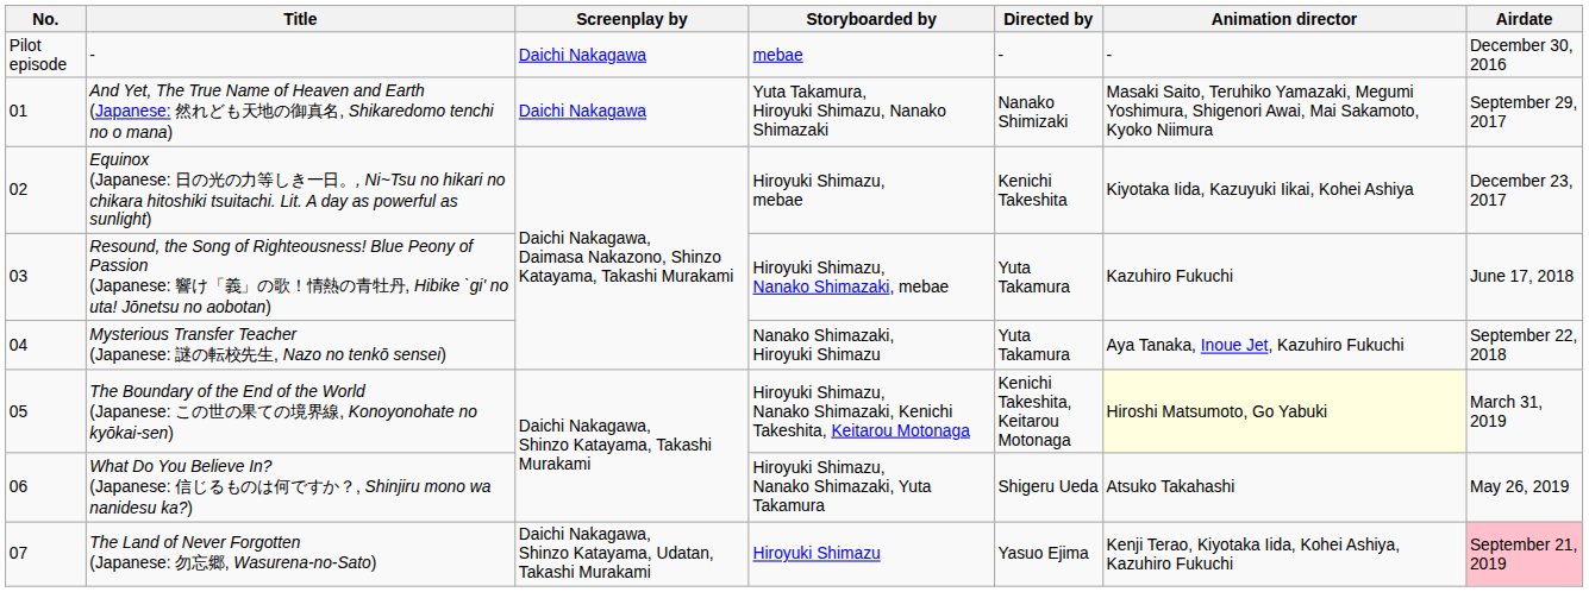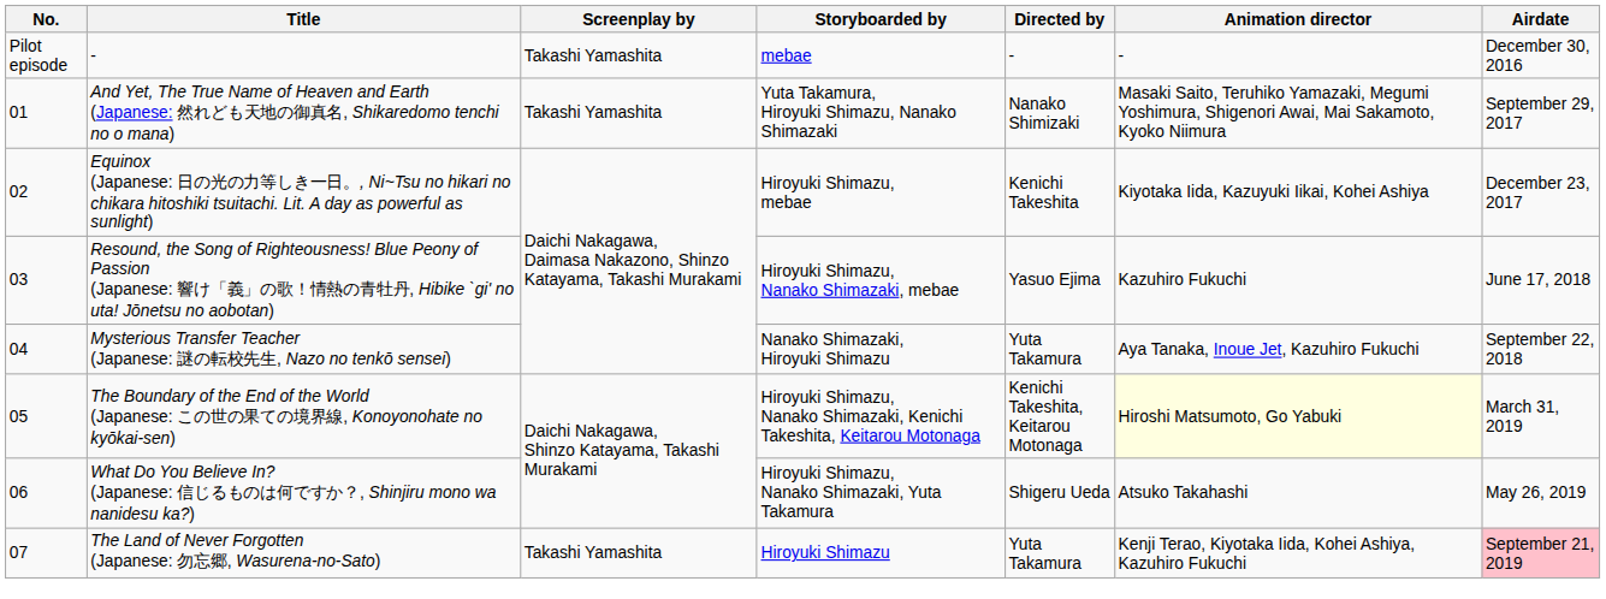 <table class="wikitable" style="font-size:small">
 <tr>
 <th>No.</th>
 <th>Title</th>
 <th>Screenplay by</th>
 <th>Storyboarded by</th>
 <th>Directed by</th>
 <th>Animation director</th>
 <th>Airdate</th>
 </tr>
 <tr>
 <td>Pilot episode</td>
 <td>-</td>
-<td><a href='#'>Daichi Nakagawa</a></td>
+<td>Takashi Yamashita</td>
 <td><a href='#'>mebae</a></td>
 <td>-</td>
 <td>-</td>
 <td>December 30, 2016</td>
 </tr>
 <tr>
 <td>01</td>
 <td><em>And Yet, The True Name of Heaven and Earth</em><br>(<a href='#'>Japanese:</a> 然れども天地の御真名, <em>Shikaredomo tenchi no o mana</em>)</td>
-<td><a href='#'>Daichi Nakagawa</a></td>
+<td>Takashi Yamashita</td>
 <td>Yuta Takamura,<br>Hiroyuki Shimazu, Nanako Shimazaki</td>
 <td>Nanako Shimizaki</td>
 <td>Masaki Saito, Teruhiko Yamazaki, Megumi Yoshimura, Shigenori Awai, Mai Sakamoto, Kyoko Niimura</td>
 <td>September 29, 2017</td>
 </tr>
 <tr>
 <td>02</td>
 <td><em>Equinox</em><br>(Japanese: 日の光の力等しき一日。<em>, Ni~Tsu no hikari no chikara hitoshiki tsuitachi. Lit. A day as powerful as sunlight</em>)</td>
 <td rowspan="3">Daichi Nakagawa,<br>Daimasa Nakazono, Shinzo Katayama, Takashi Murakami</td>
 <td>Hiroyuki Shimazu,<br>mebae</td>
 <td>Kenichi Takeshita</td>
 <td>Kiyotaka Iida, Kazuyuki Iikai, Kohei Ashiya</td>
 <td>December 23, 2017</td>
 </tr>
 <tr>
 <td>03</td>
 <td><em>Resound, the Song of Righteousness! Blue Peony of Passion</em><br>(Japanese: 響け「義」の歌！情熱の青牡丹, <em>Hibike `gi' no uta! Jōnetsu no aobotan</em>)</td>
 <td>Hiroyuki Shimazu,<br><a href='#'>Nanako Shimazaki</a>, mebae</td>
-<td>Yuta Takamura</td>
+<td>Yasuo Ejima</td>
 <td>Kazuhiro Fukuchi</td>
 <td>June 17, 2018</td>
 </tr>
 <tr>
 <td>04</td>
 <td><em>Mysterious Transfer Teacher</em><br>(Japanese: 謎の転校先生, <em>Nazo no tenkō sensei</em>)</td>
 <td>Nanako Shimazaki,<br>Hiroyuki Shimazu</td>
 <td>Yuta Takamura</td>
 <td>Aya Tanaka, <a href='#'>Inoue Jet</a>, Kazuhiro Fukuchi</td>
 <td>September 22, 2018</td>
 </tr>
 <tr>
 <td>05</td>
 <td><em>The Boundary of the End of the World</em><br>(Japanese: この世の果ての境界線, <em>Konoyonohate no kyōkai-sen</em>)</td>
 <td rowspan="2">Daichi Nakagawa,<br>Shinzo Katayama, Takashi Murakami</td>
 <td>Hiroyuki Shimazu,<br>Nanako Shimazaki, Kenichi Takeshita, <a href='#'>Keitarou Motonaga</a></td>
 <td>Kenichi Takeshita,<br>Keitarou Motonaga</td>
 <td style="background: lightyellow;">Hiroshi Matsumoto, Go Yabuki</td>
 <td>March 31, 2019</td>
 </tr>
 <tr>
 <td>06</td>
 <td><em>What Do You Believe In?</em><br>(Japanese: 信じるものは何ですか？, <em>Shinjiru mono wa nanidesu ka?</em>)</td>
 <td>Hiroyuki Shimazu,<br>Nanako Shimazaki, Yuta Takamura</td>
 <td>Shigeru Ueda</td>
 <td>Atsuko Takahashi</td>
 <td>May 26, 2019</td>
 </tr>
 <tr>
 <td>07</td>
 <td><em>The Land of Never Forgotten</em><br>(Japanese: 勿忘郷, <em>Wasurena-no-Sato</em>)</td>
-<td>Daichi Nakagawa,<br>Shinzo Katayama, Udatan, Takashi Murakami</td>
+<td>Takashi Yamashita</td>
 <td><a href='#'>Hiroyuki Shimazu</a></td>
-<td>Yasuo Ejima</td>
+<td>Yuta Takamura</td>
 <td>Kenji Terao, Kiyotaka Iida, Kohei Ashiya, Kazuhiro Fukuchi</td>
 <td style="background: pink;">September 21, 2019</td>
 </tr>
 </table>
